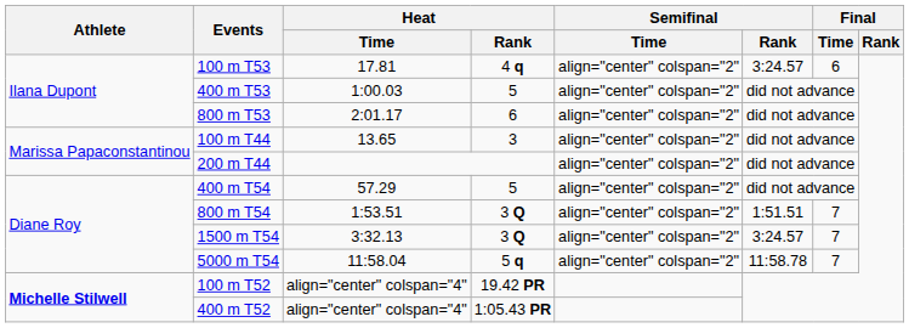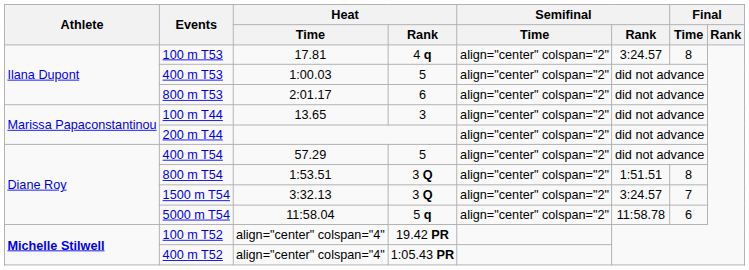 <table class=wikitable style="font-size:90%">
 <tr>
 <th rowspan="2">Athlete</th>
 <th rowspan="2">Events</th>
 <th colspan="2">Heat</th>
 <th colspan="2">Semifinal</th>
 <th colspan="2">Final</th>
 </tr>
 <tr>
 <th>Time</th>
 <th>Rank</th>
 <th>Time</th>
 <th>Rank</th>
 <th>Time</th>
 <th>Rank</th>
 </tr>
 <tr>
 <td rowspan="3"><a href='#'>Ilana Dupont</a></td>
 <td><a href='#'>100 m T53</a></td>
 <td align="center">17.81</td>
 <td align="center">4 <strong>q</strong></td>
 <td>align="center" colspan="2" </td>
 <td align="center">3:24.57</td>
-<td align="center">6</td>
+<td align="center">8</td>
 </tr>
 <tr>
 <td><a href='#'>400 m T53</a></td>
 <td align="center">1:00.03</td>
 <td align="center">5</td>
 <td>align="center" colspan="2" </td>
 <td align="center" colspan="2">did not advance</td>
 </tr>
 <tr>
 <td><a href='#'>800 m T53</a></td>
 <td align="center">2:01.17</td>
 <td align="center">6</td>
 <td>align="center" colspan="2" </td>
 <td align="center" colspan="2">did not advance</td>
 </tr>
 <tr>
 <td rowspan="2"><a href='#'>Marissa Papaconstantinou</a></td>
 <td><a href='#'>100 m T44</a></td>
 <td align="center">13.65</td>
 <td align="center">3</td>
 <td>align="center" colspan="2" </td>
 <td align="center" colspan="2">did not advance</td>
 </tr>
 <tr>
 <td><a href='#'>200 m T44</a></td>
 <td align="center" colspan="2"></td>
 <td>align="center" colspan="2" </td>
 <td align="center" colspan="2">did not advance</td>
 </tr>
 <tr>
 <td rowspan="4"><a href='#'>Diane Roy</a></td>
 <td><a href='#'>400 m T54</a></td>
 <td align="center">57.29</td>
 <td align="center">5</td>
 <td>align="center" colspan="2" </td>
 <td align="center" colspan="2">did not advance</td>
 </tr>
 <tr>
 <td><a href='#'>800 m T54</a></td>
 <td align="center">1:53.51</td>
 <td align="center">3 <strong>Q</strong></td>
 <td>align="center" colspan="2" </td>
 <td align="center">1:51.51</td>
-<td align="center">7</td>
+<td align="center">8</td>
 </tr>
 <tr>
 <td><a href='#'>1500 m T54</a></td>
 <td align="center">3:32.13</td>
 <td align="center">3 <strong>Q</strong></td>
 <td>align="center" colspan="2" </td>
 <td align="center">3:24.57</td>
 <td align="center">7</td>
 </tr>
 <tr>
 <td><a href='#'>5000 m T54</a></td>
 <td align="center">11:58.04</td>
 <td align="center">5 <strong>q</strong></td>
 <td>align="center" colspan="2" </td>
 <td align="center">11:58.78</td>
-<td align="center">7</td>
+<td align="center">6</td>
 </tr>
 <tr>
 <td rowspan="2"><strong><a href='#'>Michelle Stilwell</a></strong></td>
 <td><a href='#'>100 m T52</a></td>
 <td>align="center" colspan="4" </td>
 <td align="center">19.42 <strong>PR</strong></td>
 <td align="center"></td>
 </tr>
 <tr>
 <td><a href='#'>400 m T52</a></td>
 <td>align="center" colspan="4" </td>
 <td align="center">1:05.43 <strong>PR</strong></td>
 <td align="center"></td>
 </tr>
 </table>
